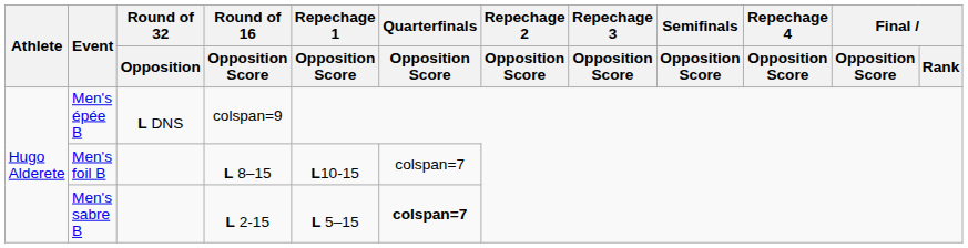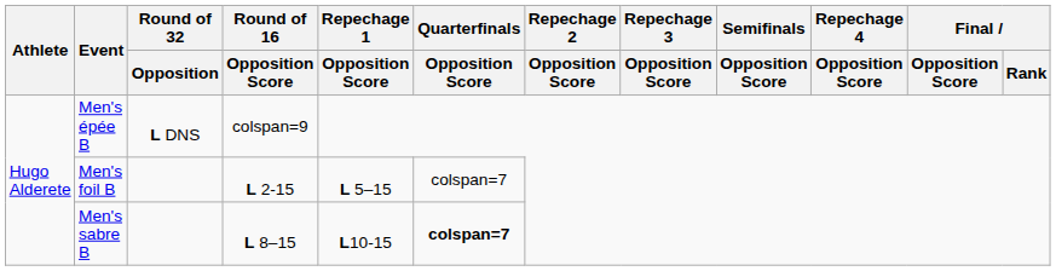 <table class=wikitable style="font-size:90%">
 <tr>
 <th rowspan="2">Athlete</th>
 <th rowspan="2">Event</th>
 <th>Round of 32</th>
 <th>Round of 16</th>
 <th>Repechage 1</th>
 <th>Quarterfinals</th>
 <th>Repechage 2</th>
 <th>Repechage 3</th>
 <th>Semifinals</th>
 <th>Repechage 4</th>
 <th colspan="2">Final / </th>
 </tr>
 <tr>
 <th>Opposition</th>
 <th>Opposition<br>Score</th>
 <th>Opposition<br>Score</th>
 <th>Opposition<br>Score</th>
 <th>Opposition<br>Score</th>
 <th>Opposition<br>Score</th>
 <th>Opposition<br>Score</th>
 <th>Opposition<br>Score</th>
 <th>Opposition<br>Score</th>
 <th>Rank</th>
 </tr>
 <tr align=center>
 <td align=left rowspan=3><a href='#'>Hugo Alderete</a></td>
 <td align=left><a href='#'>Men's épée B</a></td>
 <td><br><strong>L</strong> DNS</td>
 <td>colspan=9 </td>
 </tr>
 <tr align=center>
 <td align=left><a href='#'>Men's foil B</a></td>
 <td></td>
-<td><br><strong>L</strong> 8–15</td>
-<td><br><strong>L</strong>10-15</td>
+<td><br><strong>L</strong> 2-15</td>
+<td><br><strong>L</strong> 5–15</td>
 <td>colspan=7 </td>
 </tr>
 <tr align=center>
 <td align=left><a href='#'>Men's sabre B</a></td>
 <td></td>
-<td><br><strong>L</strong> 2-15</td>
-<td><br><strong>L</strong> 5–15</td>
+<td><br><strong>L</strong> 8–15</td>
+<td><br><strong>L</strong>10-15</td>
 <td><strong>colspan=7 </strong></td>
 </tr>
 </table>
